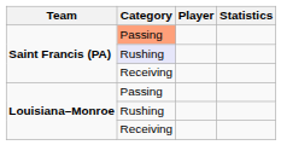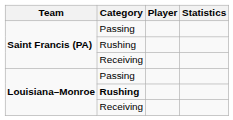 <table class="wikitable" style="float: right;">
 <tr>
 <th>Team</th>
 <th>Category</th>
 <th>Player</th>
 <th>Statistics</th>
 </tr>
 <tr>
 <td rowspan=3><strong>Saint Francis (PA)</strong></td>
-<td style="background: lightsalmon;">Passing</td>
+<td>Passing</td>
 <td></td>
 <td></td>
 </tr>
 <tr>
-<td style="background: lavender;">Rushing</td>
+<td>Rushing</td>
 <td></td>
 <td></td>
 </tr>
 <tr>
 <td>Receiving</td>
 <td></td>
 <td></td>
 </tr>
 <tr>
 <td rowspan=3><strong>Louisiana–Monroe</strong></td>
 <td>Passing</td>
 <td></td>
 <td></td>
 </tr>
 <tr>
-<td>Rushing</td>
+<td><strong>Rushing</strong></td>
 <td></td>
 <td></td>
 </tr>
 <tr>
 <td>Receiving</td>
 <td></td>
 <td></td>
 </tr>
 </table>
